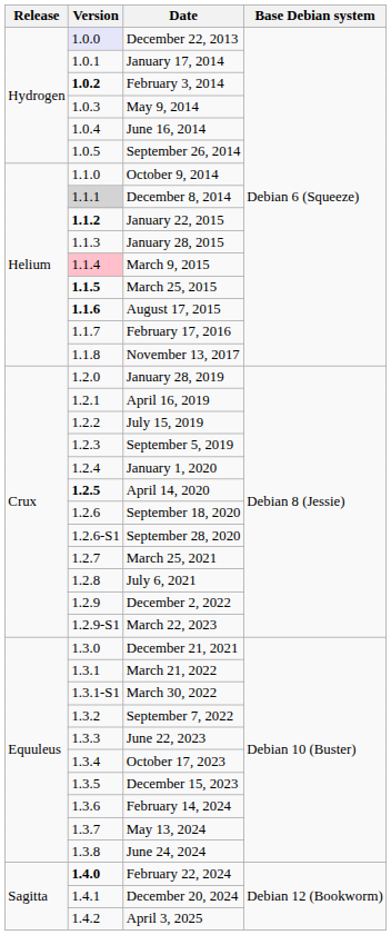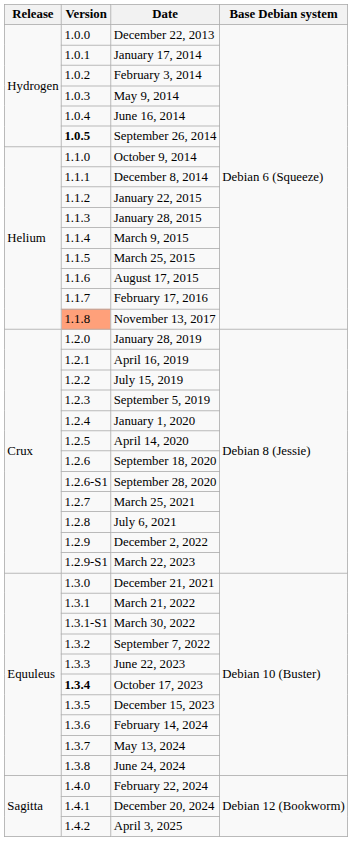 <table class="wikitable">
 <tr>
 <th>Release</th>
 <th>Version</th>
 <th>Date</th>
 <th>Base Debian system</th>
 </tr>
 <tr>
 <td rowspan="6">Hydrogen</td>
-<td style="background: lavender;">1.0.0</td>
+<td>1.0.0</td>
 <td>December 22, 2013</td>
 <td rowspan="15">Debian 6 (Squeeze)</td>
 </tr>
 <tr>
 <td>1.0.1</td>
 <td>January 17, 2014</td>
 </tr>
 <tr>
-<td><strong>1.0.2</strong></td>
+<td>1.0.2</td>
 <td>February 3, 2014</td>
 </tr>
 <tr>
 <td>1.0.3</td>
 <td>May 9, 2014</td>
 </tr>
 <tr>
 <td>1.0.4</td>
 <td>June 16, 2014</td>
 </tr>
 <tr>
-<td>1.0.5</td>
+<td><strong>1.0.5</strong></td>
 <td>September 26, 2014</td>
 </tr>
 <tr>
 <td rowspan="9">Helium</td>
 <td>1.1.0</td>
 <td>October 9, 2014</td>
 </tr>
 <tr>
-<td style="background: lightgrey;">1.1.1</td>
+<td>1.1.1</td>
 <td>December 8, 2014</td>
 </tr>
 <tr>
-<td><strong>1.1.2</strong></td>
+<td>1.1.2</td>
 <td>January 22, 2015</td>
 </tr>
 <tr>
 <td>1.1.3</td>
 <td>January 28, 2015</td>
 </tr>
 <tr>
-<td style="background: pink;">1.1.4</td>
+<td>1.1.4</td>
 <td>March 9, 2015</td>
 </tr>
 <tr>
-<td><strong>1.1.5</strong></td>
+<td>1.1.5</td>
 <td>March 25, 2015</td>
 </tr>
 <tr>
-<td><strong>1.1.6</strong></td>
+<td>1.1.6</td>
 <td>August 17, 2015</td>
 </tr>
 <tr>
 <td>1.1.7</td>
 <td>February 17, 2016</td>
 </tr>
 <tr>
-<td>1.1.8</td>
+<td style="background: lightsalmon;">1.1.8</td>
 <td>November 13, 2017</td>
 </tr>
 <tr>
 <td rowspan="12">Crux</td>
 <td>1.2.0</td>
 <td>January 28, 2019</td>
 <td rowspan="12">Debian 8 (Jessie)</td>
 </tr>
 <tr>
 <td>1.2.1</td>
 <td>April 16, 2019</td>
 </tr>
 <tr>
 <td>1.2.2</td>
 <td>July 15, 2019</td>
 </tr>
 <tr>
 <td>1.2.3</td>
 <td>September 5, 2019</td>
 </tr>
 <tr>
 <td>1.2.4</td>
 <td>January 1, 2020</td>
 </tr>
 <tr>
-<td><strong>1.2.5</strong></td>
+<td>1.2.5</td>
 <td>April 14, 2020</td>
 </tr>
 <tr>
 <td>1.2.6</td>
 <td>September 18, 2020</td>
 </tr>
 <tr>
 <td>1.2.6-S1</td>
 <td>September 28, 2020</td>
 </tr>
 <tr>
 <td>1.2.7</td>
 <td>March 25, 2021</td>
 </tr>
 <tr>
 <td>1.2.8</td>
 <td>July 6, 2021</td>
 </tr>
 <tr>
 <td>1.2.9</td>
 <td>December 2, 2022</td>
 </tr>
 <tr>
 <td>1.2.9-S1</td>
 <td>March 22, 2023</td>
 </tr>
 <tr>
 <td rowspan="10">Equuleus</td>
 <td>1.3.0</td>
 <td>December 21, 2021</td>
 <td rowspan="10">Debian 10 (Buster)</td>
 </tr>
 <tr>
 <td>1.3.1</td>
 <td>March 21, 2022</td>
 </tr>
 <tr>
 <td>1.3.1-S1</td>
 <td>March 30, 2022</td>
 </tr>
 <tr>
 <td>1.3.2</td>
 <td>September 7, 2022</td>
 </tr>
 <tr>
 <td>1.3.3</td>
 <td>June 22, 2023</td>
 </tr>
 <tr>
-<td>1.3.4</td>
+<td><strong>1.3.4</strong></td>
 <td>October 17, 2023</td>
 </tr>
 <tr>
 <td>1.3.5</td>
 <td>December 15, 2023</td>
 </tr>
 <tr>
 <td>1.3.6</td>
 <td>February 14, 2024</td>
 </tr>
 <tr>
 <td>1.3.7</td>
 <td>May 13, 2024</td>
 </tr>
 <tr>
 <td>1.3.8</td>
 <td>June 24, 2024</td>
 </tr>
 <tr>
 <td rowspan="8">Sagitta</td>
-<td><strong>1.4.0</strong></td>
+<td>1.4.0</td>
 <td>February 22, 2024</td>
 <td rowspan="3">Debian 12 (Bookworm)</td>
 </tr>
 <tr>
 <td>1.4.1</td>
 <td>December 20, 2024</td>
 </tr>
 <tr>
 <td>1.4.2</td>
 <td>April 3, 2025</td>
 </tr>
 </table>
